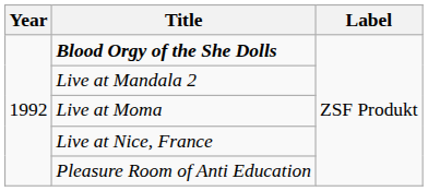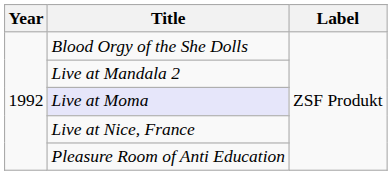 <table class="wikitable">
 <tr>
 <th>Year</th>
 <th>Title</th>
 <th>Label</th>
 </tr>
 <tr>
 <td rowspan="5">1992</td>
-<td><strong><em>Blood Orgy of the She Dolls</em></strong></td>
+<td><em>Blood Orgy of the She Dolls</em></td>
 <td rowspan="5">ZSF Produkt</td>
 </tr>
 <tr>
 <td><em>Live at Mandala 2</em></td>
 </tr>
 <tr>
-<td><em>Live at Moma</em></td>
+<td style="background: lavender;"><em>Live at Moma</em></td>
 </tr>
 <tr>
 <td><em>Live at Nice, France</em></td>
 </tr>
 <tr>
 <td><em>Pleasure Room of Anti Education</em></td>
 </tr>
 </table>
